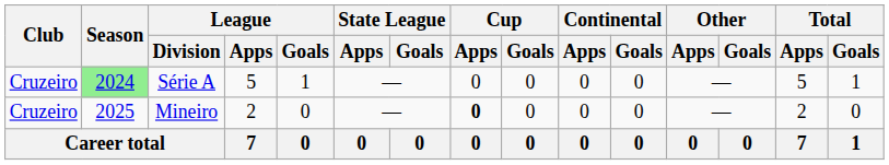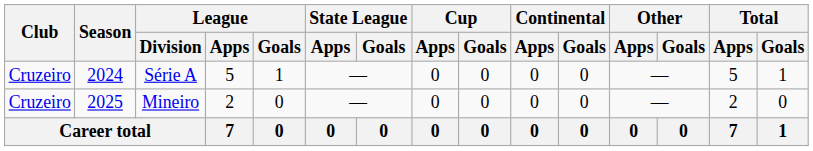 <table class="wikitable" style="text-align: center;">
 <tr>
 <th rowspan="2">Club</th>
 <th rowspan="2">Season</th>
 <th colspan="3">League</th>
 <th colspan="2">State League</th>
 <th colspan="2">Cup</th>
 <th colspan="2">Continental</th>
 <th colspan="2">Other</th>
 <th colspan="2">Total</th>
 </tr>
 <tr>
 <th>Division</th>
 <th>Apps</th>
 <th>Goals</th>
 <th>Apps</th>
 <th>Goals</th>
 <th>Apps</th>
 <th>Goals</th>
 <th>Apps</th>
 <th>Goals</th>
 <th>Apps</th>
 <th>Goals</th>
 <th>Apps</th>
 <th>Goals</th>
 </tr>
 <tr>
 <td><a href='#'>Cruzeiro</a></td>
-<td style="background: lightgreen;"><a href='#'>2024</a></td>
+<td><a href='#'>2024</a></td>
 <td><a href='#'>Série A</a></td>
 <td>5</td>
 <td>1</td>
 <td colspan="2">—</td>
 <td>0</td>
 <td>0</td>
 <td>0</td>
 <td>0</td>
 <td colspan="2">—</td>
 <td>5</td>
 <td>1</td>
 </tr>
 <tr>
 <td><a href='#'>Cruzeiro</a></td>
 <td><a href='#'>2025</a></td>
 <td><a href='#'>Mineiro</a></td>
 <td>2</td>
 <td>0</td>
 <td colspan="2">—</td>
-<td><strong>0</strong></td>
+<td>0</td>
 <td>0</td>
 <td>0</td>
 <td>0</td>
 <td colspan="2">—</td>
 <td>2</td>
 <td>0</td>
 </tr>
 <tr>
 <th colspan="3"><strong>Career total</strong></th>
 <th>7</th>
 <th>0</th>
 <th>0</th>
 <th>0</th>
 <th>0</th>
 <th>0</th>
 <th>0</th>
 <th>0</th>
 <th>0</th>
 <th>0</th>
 <th>7</th>
 <th>1</th>
 </tr>
 </table>
